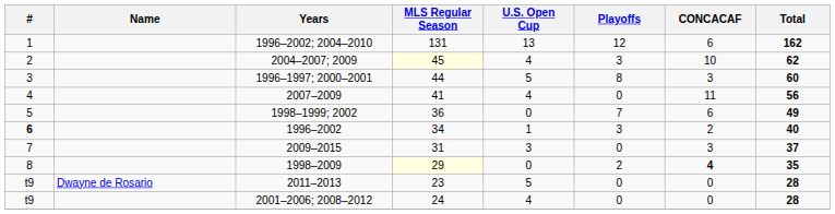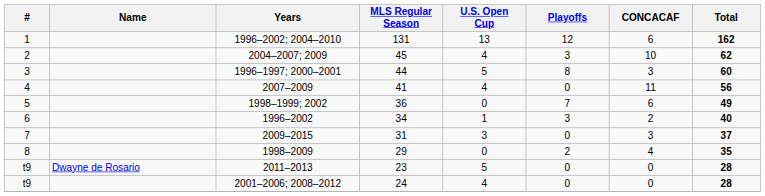 <table class="wikitable sortable" style="text-align: center;" width = 95%;>
 <tr>
 <th width=6%>#</th>
 <th width=22%>Name</th>
 <th width=19%>Years</th>
 <th width=11%><a href='#'>MLS Regular <br> Season</a></th>
 <th width=11%><a href='#'>U.S. Open <br> Cup</a></th>
 <th width=11%><a href='#'>Playoffs</a></th>
 <th width=11%>CONCACAF </th>
 <th width=11%>Total</th>
 </tr>
 <tr>
 <td>1</td>
 <td style="text-align:left;"> </td>
 <td>1996–2002; 2004–2010</td>
 <td>131</td>
 <td>13</td>
 <td>12</td>
 <td>6</td>
 <td><strong>162</strong></td>
 </tr>
 <tr>
 <td>2</td>
 <td style="text-align:left;"> </td>
 <td>2004–2007; 2009</td>
-<td style="background: lightyellow;">45</td>
+<td>45</td>
 <td>4</td>
 <td>3</td>
 <td>10</td>
 <td><strong>62</strong></td>
 </tr>
 <tr>
 <td>3</td>
 <td style="text-align:left;"> </td>
 <td>1996–1997; 2000–2001</td>
 <td>44</td>
 <td>5</td>
 <td>8</td>
 <td>3</td>
 <td><strong>60</strong></td>
 </tr>
 <tr>
 <td>4</td>
 <td style="text-align:left;"> </td>
 <td>2007–2009</td>
 <td>41</td>
 <td>4</td>
 <td>0</td>
 <td>11</td>
 <td><strong>56</strong></td>
 </tr>
 <tr>
 <td>5</td>
 <td style="text-align:left;"> </td>
 <td>1998–1999; 2002</td>
 <td>36</td>
 <td>0</td>
 <td>7</td>
 <td>6</td>
 <td><strong>49</strong></td>
 </tr>
 <tr>
-<td><strong>6</strong></td>
+<td>6</td>
 <td style="text-align:left;"> </td>
 <td>1996–2002</td>
 <td>34</td>
 <td>1</td>
 <td>3</td>
 <td>2</td>
 <td><strong>40</strong></td>
 </tr>
 <tr>
 <td>7</td>
 <td style="text-align:left;"> </td>
 <td>2009–2015</td>
 <td>31</td>
 <td>3</td>
 <td>0</td>
 <td>3</td>
 <td><strong>37</strong></td>
 </tr>
 <tr>
 <td>8</td>
 <td style="text-align:left;"> </td>
 <td>1998–2009</td>
-<td style="background: lightyellow;">29</td>
+<td>29</td>
 <td>0</td>
 <td>2</td>
-<td><strong>4</strong></td>
+<td>4</td>
 <td><strong>35</strong></td>
 </tr>
 <tr>
 <td>t9</td>
 <td style="text-align:left;"> <a href='#'>Dwayne de Rosario</a></td>
 <td>2011–2013</td>
 <td>23</td>
 <td>5</td>
 <td>0</td>
 <td>0</td>
 <td><strong>28</strong></td>
 </tr>
 <tr>
 <td>t9</td>
 <td style="text-align:left;"> </td>
 <td>2001–2006; 2008–2012</td>
 <td>24</td>
 <td>4</td>
 <td>0</td>
 <td>0</td>
 <td><strong>28</strong></td>
 </tr>
 <tr>
 </tr>
 </table>
